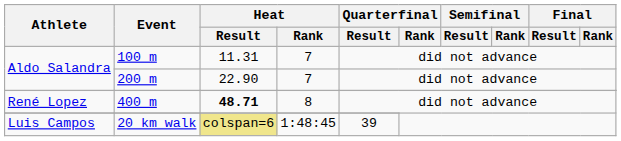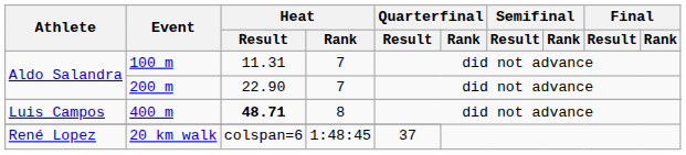 <table class="wikitable" style="font-size:90%; text-align: center">
 <tr>
 <th rowspan="2">Athlete</th>
 <th rowspan="2">Event</th>
 <th colspan="2">Heat</th>
 <th colspan="2">Quarterfinal</th>
 <th colspan="2">Semifinal</th>
 <th colspan="2">Final</th>
 </tr>
 <tr style="font-size:95%">
 <th>Result</th>
 <th>Rank</th>
 <th>Result</th>
 <th>Rank</th>
 <th>Result</th>
 <th>Rank</th>
 <th>Result</th>
 <th>Rank</th>
 </tr>
 <tr align=center>
 <td align=left rowspan=2><a href='#'>Aldo Salandra</a></td>
 <td align=left><a href='#'>100 m</a></td>
 <td>11.31</td>
 <td>7</td>
 <td colspan=6>did not advance</td>
 </tr>
 <tr>
 <td align=left><a href='#'>200 m</a></td>
 <td>22.90</td>
 <td>7</td>
 <td colspan=6>did not advance</td>
 </tr>
 <tr>
 </tr>
 <tr align=center>
-<td align=left><a href='#'>René Lopez</a></td>
+<td align=left><a href='#'>Luis Campos</a></td>
 <td align=left><a href='#'>400 m</a></td>
 <td><strong>48.71</strong></td>
 <td>8</td>
 <td colspan=6>did not advance</td>
 </tr>
 <tr>
 </tr>
 <tr align=center>
-<td align=left><a href='#'>Luis Campos</a></td>
+<td align=left><a href='#'>René Lopez</a></td>
 <td align=left><a href='#'>20 km walk</a></td>
-<td style="background: khaki;">colspan=6 </td>
+<td>colspan=6 </td>
 <td>1:48:45</td>
-<td>39</td>
+<td>37</td>
 </tr>
 </table>
